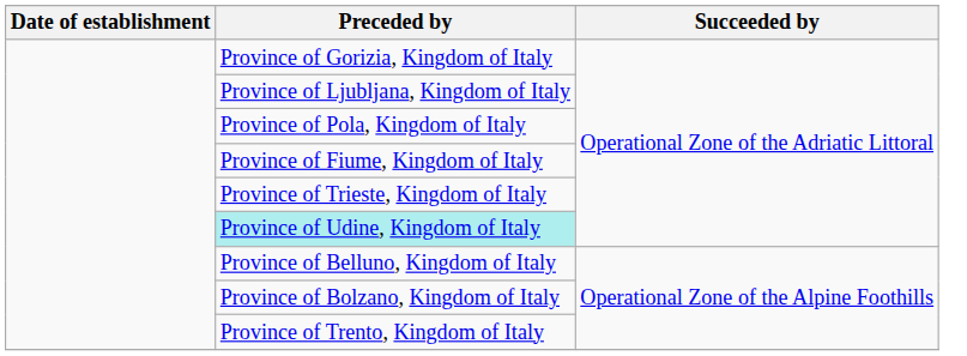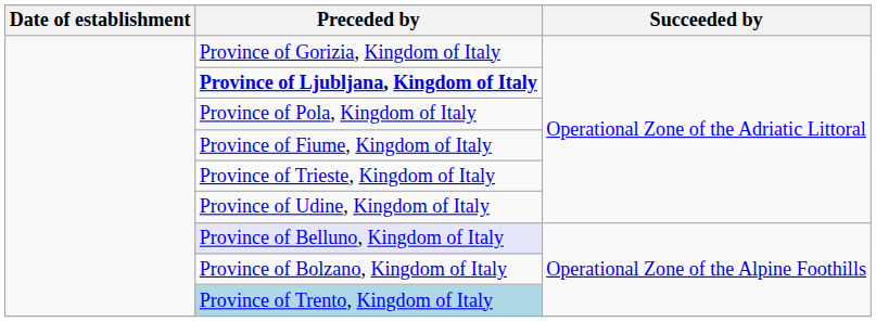 <table class="wikitable">
 <tr>
 </tr>
 <tr>
 <th>Date of establishment</th>
 <th>Preceded by</th>
 <th>Succeeded by</th>
 </tr>
 <tr>
 <td rowspan=9></td>
 <td> <a href='#'>Province of Gorizia</a>, <a href='#'>Kingdom of Italy</a></td>
 <td rowspan=6> <a href='#'>Operational Zone of the Adriatic Littoral</a></td>
 </tr>
 <tr>
-<td> <a href='#'>Province of Ljubljana</a>, <a href='#'>Kingdom of Italy</a></td>
+<td><strong> <a href='#'>Province of Ljubljana</a>, <a href='#'>Kingdom of Italy</a></strong></td>
 </tr>
 <tr>
 <td> <a href='#'>Province of Pola</a>, <a href='#'>Kingdom of Italy</a></td>
 </tr>
 <tr>
 <td> <a href='#'>Province of Fiume</a>, <a href='#'>Kingdom of Italy</a></td>
 </tr>
 <tr>
 <td> <a href='#'>Province of Trieste</a>, <a href='#'>Kingdom of Italy</a></td>
 </tr>
 <tr>
-<td style="background: paleturquoise;"> <a href='#'>Province of Udine</a>, <a href='#'>Kingdom of Italy</a></td>
+<td> <a href='#'>Province of Udine</a>, <a href='#'>Kingdom of Italy</a></td>
 </tr>
 <tr>
-<td> <a href='#'>Province of Belluno</a>, <a href='#'>Kingdom of Italy</a></td>
+<td style="background: lavender;"> <a href='#'>Province of Belluno</a>, <a href='#'>Kingdom of Italy</a></td>
 <td rowspan="3"> <a href='#'>Operational Zone of the Alpine Foothills</a></td>
 </tr>
 <tr>
 <td> <a href='#'>Province of Bolzano</a>, <a href='#'>Kingdom of Italy</a></td>
 </tr>
 <tr>
-<td> <a href='#'>Province of Trento</a>, <a href='#'>Kingdom of Italy</a></td>
+<td style="background: lightblue;"> <a href='#'>Province of Trento</a>, <a href='#'>Kingdom of Italy</a></td>
 </tr>
 <tr>
 </tr>
 </table>
